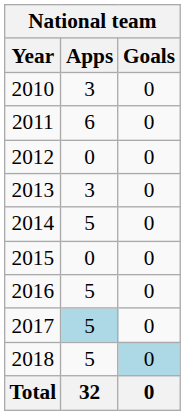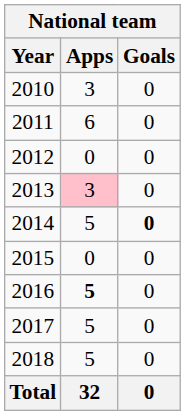 <table class="wikitable" style="text-align:center">
 <tr>
 <th colspan=3>National team</th>
 </tr>
 <tr>
 <th>Year</th>
 <th>Apps</th>
 <th>Goals</th>
 </tr>
 <tr>
 <td>2010</td>
 <td>3</td>
 <td>0</td>
 </tr>
 <tr>
 <td>2011</td>
 <td>6</td>
 <td>0</td>
 </tr>
 <tr>
 <td>2012</td>
 <td>0</td>
 <td>0</td>
 </tr>
 <tr>
 <td>2013</td>
-<td>3</td>
+<td style="background: pink;">3</td>
 <td>0</td>
 </tr>
 <tr>
 <td>2014</td>
 <td>5</td>
-<td>0</td>
+<td><strong>0</strong></td>
 </tr>
 <tr>
 <td>2015</td>
 <td>0</td>
 <td>0</td>
 </tr>
 <tr>
 <td>2016</td>
-<td>5</td>
+<td><strong>5</strong></td>
 <td>0</td>
 </tr>
 <tr>
 <td>2017</td>
-<td style="background: lightblue;">5</td>
+<td>5</td>
 <td>0</td>
 </tr>
 <tr>
 <td>2018</td>
 <td>5</td>
-<td style="background: lightblue;">0</td>
+<td>0</td>
 </tr>
 <tr>
 <th>Total</th>
 <th>32</th>
 <th>0</th>
 </tr>
 </table>
